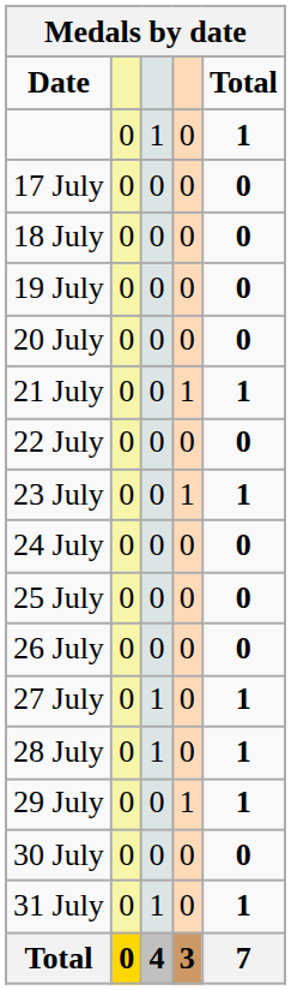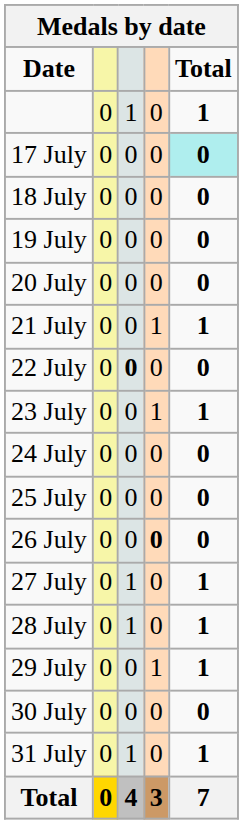 <table class="wikitable" style="font-size:85%">
 <tr bgcolor="#efefef">
 <th colspan=6>Medals by date</th>
 </tr>
 <tr align=center>
 <td><strong>Date</strong></td>
 <td bgcolor=#f7f6a8></td>
 <td bgcolor=#dce5e5></td>
 <td bgcolor=#ffdab9></td>
 <td><strong>Total</strong></td>
 </tr>
 <tr align=center>
 <td></td>
 <td style="background:#F7F6A8;">0</td>
 <td style="background:#DCE5E5;">1</td>
 <td style="background:#FFDAB9;">0</td>
 <td><strong>1</strong></td>
 </tr>
 <tr align=center>
 <td>17 July</td>
 <td style="background:#F7F6A8;">0</td>
 <td style="background:#DCE5E5;">0</td>
 <td style="background:#FFDAB9;">0</td>
-<td><strong>0</strong></td>
+<td style="background: paleturquoise;"><strong>0</strong></td>
 </tr>
 <tr align=center>
 <td>18 July</td>
 <td style="background:#F7F6A8;">0</td>
 <td style="background:#DCE5E5;">0</td>
 <td style="background:#FFDAB9;">0</td>
 <td><strong>0</strong></td>
 </tr>
 <tr align=center>
 <td>19 July</td>
 <td style="background:#F7F6A8;">0</td>
 <td style="background:#DCE5E5;">0</td>
 <td style="background:#FFDAB9;">0</td>
 <td><strong>0</strong></td>
 </tr>
 <tr align=center>
 <td>20 July</td>
 <td style="background:#F7F6A8;">0</td>
 <td style="background:#DCE5E5;">0</td>
 <td style="background:#FFDAB9;">0</td>
 <td><strong>0</strong></td>
 </tr>
 <tr align=center>
 <td>21 July</td>
 <td style="background:#F7F6A8;">0</td>
 <td style="background:#DCE5E5;">0</td>
 <td style="background:#FFDAB9;">1</td>
 <td><strong>1</strong></td>
 </tr>
 <tr align=center>
 <td>22 July</td>
 <td style="background:#F7F6A8;">0</td>
-<td style="background:#DCE5E5;">0</td>
+<td style="background:#DCE5E5;"><strong>0</strong></td>
 <td style="background:#FFDAB9;">0</td>
 <td><strong>0</strong></td>
 </tr>
 <tr align=center>
 <td>23 July</td>
 <td style="background:#F7F6A8;">0</td>
 <td style="background:#DCE5E5;">0</td>
 <td style="background:#FFDAB9;">1</td>
 <td><strong>1</strong></td>
 </tr>
 <tr align=center>
 <td>24 July</td>
 <td style="background:#F7F6A8;">0</td>
 <td style="background:#DCE5E5;">0</td>
 <td style="background:#FFDAB9;">0</td>
 <td><strong>0</strong></td>
 </tr>
 <tr align=center>
 <td>25 July</td>
 <td style="background:#F7F6A8;">0</td>
 <td style="background:#DCE5E5;">0</td>
 <td style="background:#FFDAB9;">0</td>
 <td><strong>0</strong></td>
 </tr>
 <tr align=center>
 <td>26 July</td>
 <td style="background:#F7F6A8;">0</td>
 <td style="background:#DCE5E5;">0</td>
-<td style="background:#FFDAB9;">0</td>
+<td style="background:#FFDAB9;"><strong>0</strong></td>
 <td><strong>0</strong></td>
 </tr>
 <tr align=center>
 <td>27 July</td>
 <td style="background:#F7F6A8;">0</td>
 <td style="background:#DCE5E5;">1</td>
 <td style="background:#FFDAB9;">0</td>
 <td><strong>1</strong></td>
 </tr>
 <tr align=center>
 <td>28 July</td>
 <td style="background:#F7F6A8;">0</td>
 <td style="background:#DCE5E5;">1</td>
 <td style="background:#FFDAB9;">0</td>
 <td><strong>1</strong></td>
 </tr>
 <tr align=center>
 <td>29 July</td>
 <td style="background:#F7F6A8;">0</td>
 <td style="background:#DCE5E5;">0</td>
 <td style="background:#FFDAB9;">1</td>
 <td><strong>1</strong></td>
 </tr>
 <tr align=center>
 <td>30 July</td>
 <td style="background:#F7F6A8;">0</td>
 <td style="background:#DCE5E5;">0</td>
 <td style="background:#FFDAB9;">0</td>
 <td><strong>0</strong></td>
 </tr>
 <tr style="text-align:center;">
 <td>31 July</td>
 <td style="background:#F7F6A8;">0</td>
 <td style="background:#DCE5E5;">1</td>
 <td style="background:#FFDAB9;">0</td>
 <td><strong>1</strong></td>
 </tr>
 <tr align=center>
 <th><strong>Total</strong></th>
 <th style="background:gold;"><strong>0</strong></th>
 <th style="background:silver;"><strong>4</strong></th>
 <th style="background:#c96;"><strong>3</strong></th>
 <th>7</th>
 </tr>
 </table>
